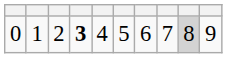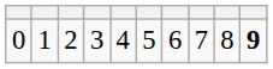 <table class="wikitable">
 <tr align="center" style="font-size: 18px">
 <th></th>
 <th></th>
 <th></th>
 <th></th>
 <th></th>
 <th></th>
 <th></th>
 <th></th>
 <th></th>
 <th></th>
 </tr>
 <tr align="center">
 <td>0</td>
 <td>1</td>
 <td>2</td>
-<td><strong>3</strong></td>
+<td>3</td>
 <td>4</td>
 <td>5</td>
 <td>6</td>
 <td>7</td>
-<td style="background: lightgrey;">8</td>
-<td>9</td>
+<td>8</td>
+<td><strong>9</strong></td>
 </tr>
 </table>
